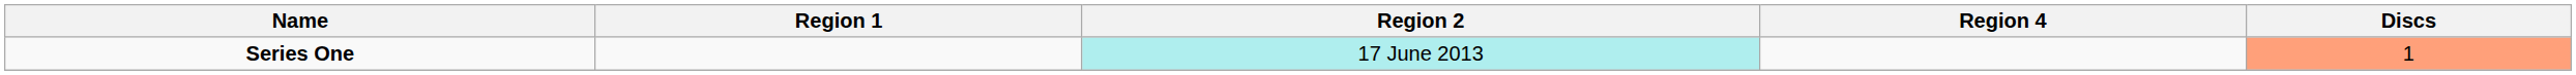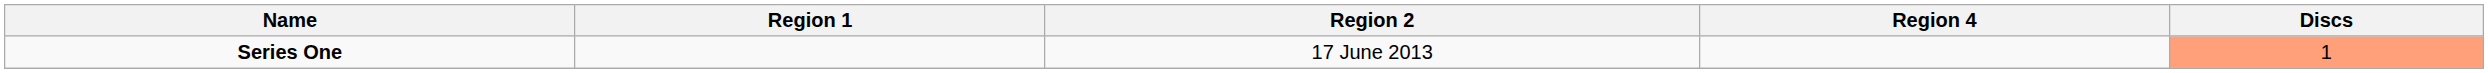 <table class="wikitable" style="width:100%;">
 <tr>
 <th>Name</th>
 <th>Region 1</th>
 <th>Region 2</th>
 <th>Region 4</th>
 <th>Discs</th>
 </tr>
 <tr style="text-align:center;">
 <td><strong>Series One</strong></td>
 <td></td>
-<td style="background: paleturquoise;">17 June 2013</td>
+<td>17 June 2013</td>
 <td></td>
 <td style="background: lightsalmon;">1</td>
 </tr>
 <tr>
 </tr>
 </table>
